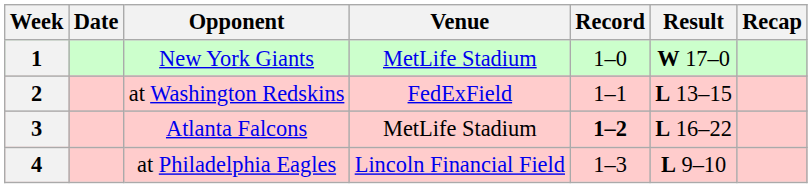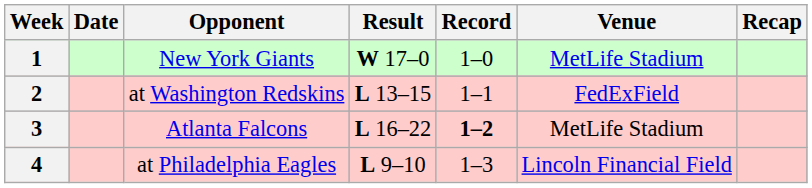 <table class="wikitable" style="text-align:center">
 <tr>
 <th>Week</th>
 <th>Date</th>
 <th>Opponent</th>
+<th>Result</th>
+<th>Record</th>
 <th>Venue</th>
-<th>Record</th>
-<th>Result</th>
 <th>Recap</th>
 </tr>
 <tr style="background:#cfc">
 <th>1</th>
 <td></td>
 <td><a href='#'>New York Giants</a></td>
+<td><strong>W</strong> 17–0</td>
+<td>1–0</td>
 <td><a href='#'>MetLife Stadium</a></td>
-<td>1–0</td>
-<td><strong>W</strong> 17–0</td>
 <td></td>
 </tr>
 <tr style="background:#fcc">
 <th>2</th>
 <td></td>
 <td>at <a href='#'>Washington Redskins</a></td>
+<td><strong>L</strong> 13–15</td>
+<td>1–1</td>
 <td><a href='#'>FedExField</a></td>
-<td>1–1</td>
-<td><strong>L</strong> 13–15</td>
 <td></td>
 </tr>
 <tr style="background:#fcc">
 <th>3</th>
 <td></td>
 <td><a href='#'>Atlanta Falcons</a></td>
+<td><strong>L</strong> 16–22</td>
+<td><strong>1–2</strong></td>
 <td>MetLife Stadium</td>
-<td><strong>1–2</strong></td>
-<td><strong>L</strong> 16–22</td>
 <td></td>
 </tr>
 <tr style="background:#fcc">
 <th>4</th>
 <td></td>
 <td>at <a href='#'>Philadelphia Eagles</a></td>
+<td><strong>L</strong> 9–10</td>
+<td>1–3</td>
 <td><a href='#'>Lincoln Financial Field</a></td>
-<td>1–3</td>
-<td><strong>L</strong> 9–10</td>
 <td></td>
 </tr>
 </table>
